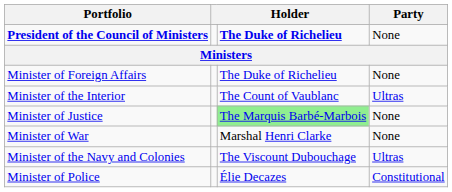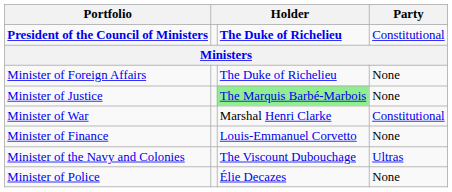 <table class="wikitable">
 <tr>
 <th>Portfolio</th>
 <th colspan=2>Holder</th>
 <th>Party</th>
 </tr>
 <tr>
 <td><strong><a href='#'>President of the Council of Ministers</a></strong></td>
 <td style="background:"></td>
 <td><strong><a href='#'>The Duke of Richelieu</a></strong></td>
-<td>None</td>
+<td><a href='#'>Constitutional</a></td>
 </tr>
 <tr>
 <th colspan=4 align=center><a href='#'>Ministers</a></th>
 </tr>
 <tr>
 <td><a href='#'>Minister of Foreign Affairs</a></td>
 <td style="background:"></td>
 <td><a href='#'>The Duke of Richelieu</a></td>
 <td>None</td>
 </tr>
 <tr>
-<td><a href='#'>Minister of the Interior</a></td>
-<td style="background:"></td>
-<td><a href='#'>The Count of Vaublanc</a></td>
-<td><a href='#'>Ultras</a></td>
-</tr>
-<tr>
 <td><a href='#'>Minister of Justice</a></td>
 <td style="background:"></td>
 <td style="background: lightgreen;"><a href='#'>The Marquis Barbé-Marbois</a></td>
 <td>None</td>
 </tr>
 <tr>
 <td><a href='#'>Minister of War</a></td>
 <td style="background:"></td>
 <td>Marshal <a href='#'>Henri Clarke</a></td>
+<td><a href='#'>Constitutional</a></td>
+</tr>
+<tr>
+<td><a href='#'>Minister of Finance</a></td>
+<td style="background:"></td>
+<td><a href='#'>Louis-Emmanuel Corvetto</a></td>
 <td>None</td>
 </tr>
 <tr>
 <td><a href='#'>Minister of the Navy and Colonies</a></td>
 <td style="background:"></td>
 <td><a href='#'>The Viscount Dubouchage</a></td>
 <td><a href='#'>Ultras</a></td>
 </tr>
 <tr>
 <td><a href='#'>Minister of Police</a></td>
 <td style="background:"></td>
 <td><a href='#'>Élie Decazes</a></td>
-<td><a href='#'>Constitutional</a></td>
+<td>None</td>
 </tr>
 </table>
